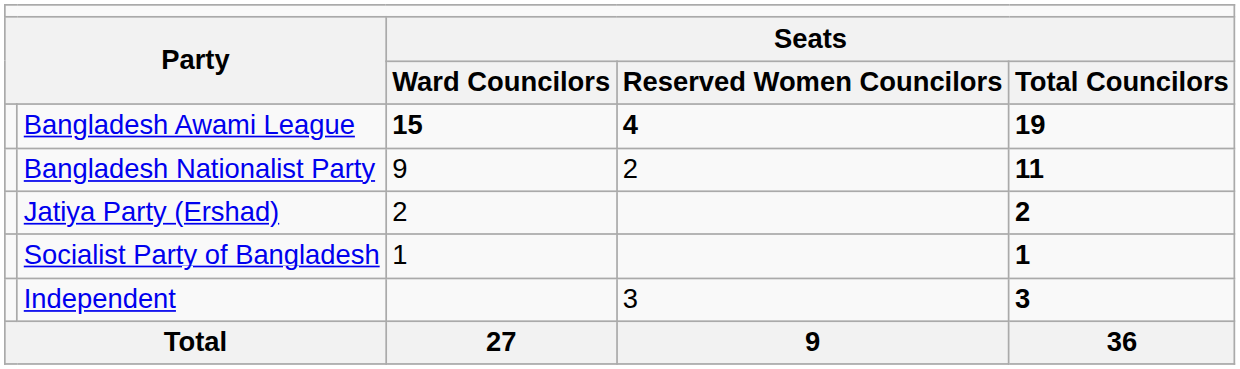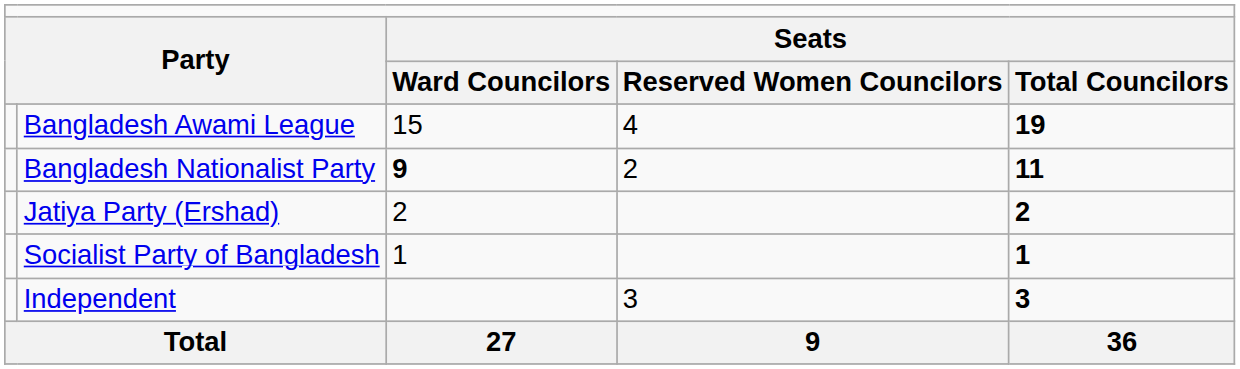 <table class="wikitable">
 <tr>
 <td colspan="5"></td>
 </tr>
 <tr>
 <th colspan="2" rowspan="2">Party</th>
 <th colspan="3">Seats</th>
 </tr>
 <tr>
 <th>Ward Councilors</th>
 <th>Reserved Women Councilors</th>
 <th>Total Councilors</th>
 </tr>
 <tr>
 <td></td>
 <td><a href='#'>Bangladesh Awami League</a></td>
-<td><strong>15</strong></td>
-<td><strong>4</strong></td>
+<td>15</td>
+<td>4</td>
 <td><strong>19</strong></td>
 </tr>
 <tr>
 <td></td>
 <td><a href='#'>Bangladesh Nationalist Party</a></td>
-<td>9</td>
+<td><strong>9</strong></td>
 <td>2</td>
 <td><strong>11</strong></td>
 </tr>
 <tr>
 <td></td>
 <td><a href='#'>Jatiya Party (Ershad)</a></td>
 <td>2</td>
 <td></td>
 <td><strong>2</strong></td>
 </tr>
 <tr>
 <td></td>
 <td><a href='#'>Socialist Party of Bangladesh</a></td>
 <td>1</td>
 <td></td>
 <td><strong>1</strong></td>
 </tr>
 <tr>
 <td></td>
 <td><a href='#'>Independent</a></td>
 <td></td>
 <td>3</td>
 <td><strong>3</strong></td>
 </tr>
 <tr>
 <th colspan="2">Total</th>
 <th>27</th>
 <th>9</th>
 <th>36</th>
 </tr>
 </table>
